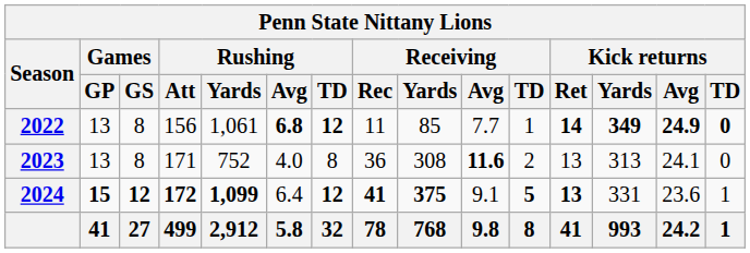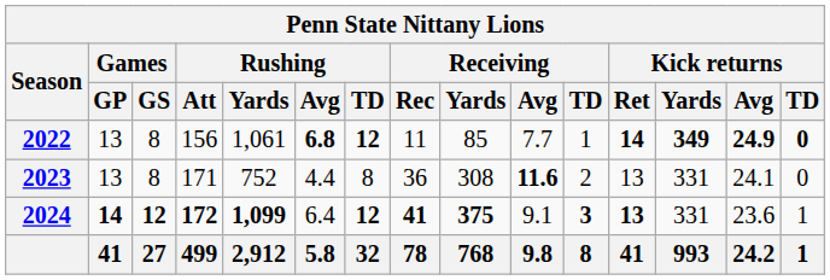 <table class="wikitable" style="text-align:center;">
 <tr>
 <th colspan="15">Penn State Nittany Lions</th>
 </tr>
 <tr>
 <th rowspan="2">Season</th>
 <th colspan="2">Games</th>
 <th colspan="4">Rushing</th>
 <th colspan="4">Receiving</th>
 <th colspan="4">Kick returns</th>
 </tr>
 <tr>
 <th>GP</th>
 <th>GS</th>
 <th>Att</th>
 <th>Yards</th>
 <th>Avg</th>
 <th>TD</th>
 <th>Rec</th>
 <th>Yards</th>
 <th>Avg</th>
 <th>TD</th>
 <th>Ret</th>
 <th>Yards</th>
 <th>Avg</th>
 <th>TD</th>
 </tr>
 <tr>
 <th><a href='#'>2022</a></th>
 <td>13</td>
 <td>8</td>
 <td>156</td>
 <td>1,061</td>
 <td><strong>6.8</strong></td>
 <td><strong>12</strong></td>
 <td>11</td>
 <td>85</td>
 <td>7.7</td>
 <td>1</td>
 <td><strong>14</strong></td>
 <td><strong>349</strong></td>
 <td><strong>24.9</strong></td>
 <td><strong>0</strong></td>
 </tr>
 <tr>
 <th><a href='#'>2023</a></th>
 <td>13</td>
 <td>8</td>
 <td>171</td>
 <td>752</td>
-<td>4.0</td>
+<td>4.4</td>
 <td>8</td>
 <td>36</td>
 <td>308</td>
 <td><strong>11.6</strong></td>
 <td>2</td>
 <td>13</td>
-<td>313</td>
+<td>331</td>
 <td>24.1</td>
 <td>0</td>
 </tr>
 <tr>
 <th><a href='#'>2024</a></th>
-<td><strong>15</strong></td>
+<td><strong>14</strong></td>
 <td><strong>12</strong></td>
 <td><strong>172</strong></td>
 <td><strong>1,099</strong></td>
 <td>6.4</td>
 <td><strong>12</strong></td>
 <td><strong>41</strong></td>
 <td><strong>375</strong></td>
 <td>9.1</td>
-<td><strong>5</strong></td>
+<td><strong>3</strong></td>
 <td><strong>13</strong></td>
 <td>331</td>
 <td>23.6</td>
 <td>1</td>
 </tr>
 <tr>
 <th></th>
 <th>41</th>
 <th>27</th>
 <th>499</th>
 <th>2,912</th>
 <th>5.8</th>
 <th>32</th>
 <th>78</th>
 <th>768</th>
 <th>9.8</th>
 <th>8</th>
 <th>41</th>
 <th>993</th>
 <th>24.2</th>
 <th>1</th>
 </tr>
 </table>
